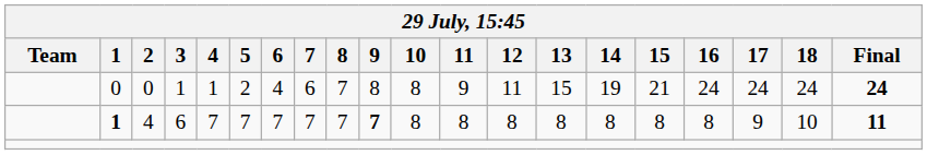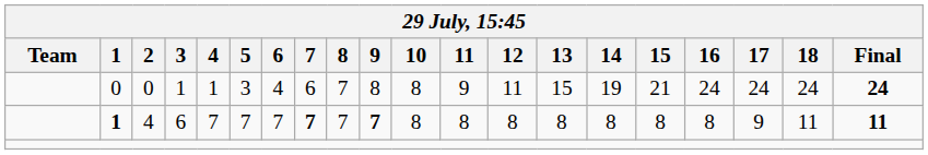 <table class=wikitable style="text-align:center; width: 55%">
 <tr>
 <th colspan=20><em>29 July, 15:45</em></th>
 </tr>
 <tr>
 <th>Team</th>
 <th>1</th>
 <th>2</th>
 <th>3</th>
 <th>4</th>
 <th>5</th>
 <th>6</th>
 <th>7</th>
 <th>8</th>
 <th>9</th>
 <th>10</th>
 <th>11</th>
 <th>12</th>
 <th>13</th>
 <th>14</th>
 <th>15</th>
 <th>16</th>
 <th>17</th>
 <th>18</th>
 <th>Final</th>
 </tr>
 <tr>
 <td align=left><strong></strong></td>
 <td>0</td>
 <td>0</td>
 <td>1</td>
 <td>1</td>
-<td>2</td>
+<td>3</td>
 <td>4</td>
 <td>6</td>
 <td>7</td>
 <td>8</td>
 <td>8</td>
 <td>9</td>
 <td>11</td>
 <td>15</td>
 <td>19</td>
 <td>21</td>
 <td>24</td>
 <td>24</td>
 <td>24</td>
 <td><strong>24</strong></td>
 </tr>
 <tr>
 <td align=left></td>
 <td><strong>1</strong></td>
 <td>4</td>
 <td>6</td>
 <td>7</td>
 <td>7</td>
 <td>7</td>
-<td>7</td>
+<td><strong>7</strong></td>
 <td>7</td>
 <td><strong>7</strong></td>
 <td>8</td>
 <td>8</td>
 <td>8</td>
 <td>8</td>
 <td>8</td>
 <td>8</td>
 <td>8</td>
 <td>9</td>
-<td>10</td>
+<td>11</td>
 <td><strong>11</strong></td>
 </tr>
 <tr>
 <td colspan=20></td>
 </tr>
 </table>
